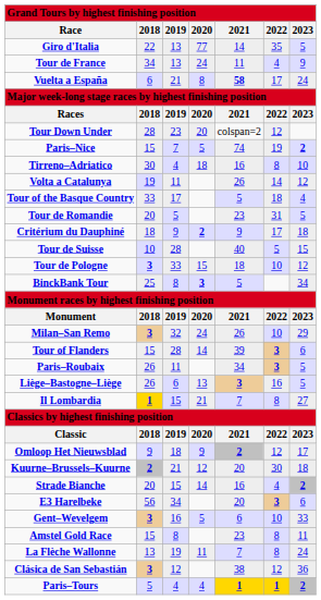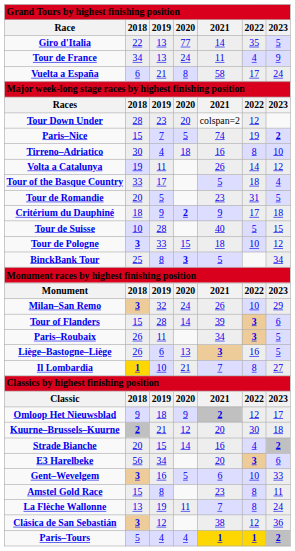 <table class="wikitable">
 <tr style="background:#eee;">
 <td style="background:#d8001c;" colspan=28><strong>Grand Tours by highest finishing position</strong></td>
 </tr>
 <tr>
 <th>Race</th>
 <th>2018</th>
 <th>2019</th>
 <th>2020</th>
 <th>2021</th>
 <th>2022</th>
 <th>2023</th>
 </tr>
 <tr align="center">
 <td><strong><a href='#'>Giro d'Italia</a></strong></td>
 <td style="background:#eee;"><a href='#'>22</a></td>
 <td style="background:#eee;"><a href='#'>13</a></td>
 <td style="background:#eee;"><a href='#'>77</a></td>
 <td style="background:#eee;"><a href='#'>14</a></td>
 <td style="background:#eee;"><a href='#'>35</a></td>
 <td style="background:#ddf;"><a href='#'>5</a></td>
 </tr>
 <tr align="center">
 <td><strong><a href='#'>Tour de France</a></strong></td>
 <td style="background:#eee;"><a href='#'>34</a></td>
 <td style="background:#eee;"><a href='#'>13</a></td>
 <td style="background:#eee;"><a href='#'>24</a></td>
 <td style="background:#eee;"><a href='#'>11</a></td>
 <td style="background:#ddf;"><a href='#'>4</a></td>
 <td style="background:#ddf;"><a href='#'>9</a></td>
 </tr>
 <tr align="center">
 <td><strong><a href='#'>Vuelta a España</a></strong></td>
 <td style="background:#ddf;"><a href='#'>6</a></td>
 <td style="background:#eee;"><a href='#'>21</a></td>
 <td style="background:#ddf;"><a href='#'>8</a></td>
-<td style="background:#eee;"><strong><a href='#'>58</a></strong></td>
+<td style="background:#eee;"><a href='#'>58</a></td>
 <td style="background:#eee;"><a href='#'>17</a></td>
 <td style="background:#eee;"><a href='#'>24</a></td>
 </tr>
 <tr>
 <td style="background:#d8001c;" colspan=28><strong>Major week-long stage races by highest finishing position</strong></td>
 </tr>
 <tr>
 <th>Races</th>
 <th>2018</th>
 <th>2019</th>
 <th>2020</th>
 <th>2021</th>
 <th>2022</th>
 <th>2023</th>
 </tr>
 <tr align="center">
 <td><strong><a href='#'>Tour Down Under</a></strong></td>
 <td style="background:#eee;"><a href='#'>28</a></td>
 <td style="background:#eee;"><a href='#'>23</a></td>
 <td style="background:#eee;"><a href='#'>20</a></td>
 <td>colspan=2 </td>
 <td style="background:#eee;"><a href='#'>12</a></td>
 </tr>
 <tr align="center">
 <td><strong><a href='#'>Paris–Nice</a></strong></td>
 <td style="background:#eee;"><a href='#'>15</a></td>
 <td style="background:#ddf;"><a href='#'>7</a></td>
 <td style="background:#ddf;"><a href='#'>5</a></td>
 <td style="background:#eee;"><a href='#'>74</a></td>
 <td style="background:#eee;"><a href='#'>19</a></td>
 <td style="background:#ddf;"><a href='#'><strong>2</strong></a></td>
 </tr>
 <tr align="center">
 <td><strong><a href='#'>Tirreno–Adriatico</a></strong></td>
 <td style="background:#eee;"><a href='#'>30</a></td>
 <td style="background:#ddf;"><a href='#'>4</a></td>
 <td style="background:#eee;"><a href='#'>18</a></td>
 <td style="background:#eee;"><a href='#'>16</a></td>
 <td style="background:#ddf;"><a href='#'>8</a></td>
 <td style="background:#ddf;"><a href='#'>10</a></td>
 </tr>
 <tr align="center">
 <td><strong><a href='#'>Volta a Catalunya</a></strong></td>
 <td style="background:#ddf;"><a href='#'>19</a></td>
 <td style="background:#eee;"><a href='#'>11</a></td>
 <td></td>
 <td style="background:#eee;"><a href='#'>26</a></td>
 <td style="background:#eee;"><a href='#'>14</a></td>
 <td style="background:#eee;"><a href='#'>12</a></td>
 </tr>
 <tr align="center">
 <td style="text-align:center;"><strong><a href='#'>Tour of the Basque Country</a></strong></td>
 <td style="background:#eee;"><a href='#'>33</a></td>
 <td style="background:#eee;"><a href='#'>17</a></td>
 <td></td>
 <td style="background:#ddf;"><a href='#'>5</a></td>
 <td style="background:#eee;"><a href='#'>18</a></td>
 <td style="background:#ddf;"><a href='#'>4</a></td>
 </tr>
 <tr align="center">
 <td><strong><a href='#'>Tour de Romandie</a></strong></td>
 <td style="background:#eee;"><a href='#'>20</a></td>
 <td style="background:#ddf;"><a href='#'>5</a></td>
 <td></td>
 <td style="background:#eee;"><a href='#'>23</a></td>
 <td style="background:#eee;"><a href='#'>31</a></td>
 <td style="background:#ddf;"><a href='#'>5</a></td>
 </tr>
 <tr align="center">
 <td><strong><a href='#'>Critérium du Dauphiné</a></strong></td>
 <td style="background:#eee;"><a href='#'>18</a></td>
 <td style="background:#ddf;"><a href='#'>9</a></td>
 <td style="background:#ddf;"><a href='#'><strong>2</strong></a></td>
 <td style="background:#ddf;"><a href='#'>9</a></td>
 <td style="background:#eee;"><a href='#'>17</a></td>
 <td style="background:#eee;"><a href='#'>18</a></td>
 </tr>
 <tr align="center">
 <td><strong><a href='#'>Tour de Suisse</a></strong></td>
 <td style="background:#ddf;"><a href='#'>10</a></td>
 <td style="background:#eee;"><a href='#'>28</a></td>
 <td></td>
 <td style="background:#eee;"><a href='#'>40</a></td>
 <td style="background:#ddf;"><a href='#'>5</a></td>
 <td style="background:#eee;"><a href='#'>15</a></td>
 </tr>
 <tr align="center">
 <td><strong><a href='#'>Tour de Pologne</a></strong></td>
 <td style="background:#ddf;"><a href='#'><strong>3</strong></a></td>
 <td style="background:#eee;"><a href='#'>33</a></td>
 <td style="background:#eee;"><a href='#'>15</a></td>
 <td style="background:#eee;"><a href='#'>18</a></td>
 <td style="background:#ddf;"><a href='#'>10</a></td>
 <td style="background:#eee;"><a href='#'>12</a></td>
 </tr>
 <tr align="center">
 <td><strong><a href='#'>BinckBank Tour</a></strong></td>
 <td style="background:#eee;"><a href='#'>25</a></td>
 <td style="background:#ddf;"><a href='#'>8</a></td>
 <td style="background:#ddf;"><a href='#'><strong>3</strong></a></td>
 <td style="background:#ddf;"><a href='#'>5</a></td>
 <td></td>
 <td style="background:#eee;"><a href='#'>34</a></td>
 </tr>
 <tr>
 <td style="background:#d8001c;" colspan=28><strong>Monument races by highest finishing position</strong></td>
 </tr>
 <tr>
 <th>Monument</th>
 <th>2018</th>
 <th>2019</th>
 <th>2020</th>
 <th>2021</th>
 <th>2022</th>
 <th>2023</th>
 </tr>
 <tr align="center">
 <td><strong><a href='#'>Milan–San Remo</a></strong></td>
 <td style="background:#ec9;"><a href='#'><strong>3</strong></a></td>
 <td style="background:#eee;"><a href='#'>32</a></td>
 <td style="background:#eee;"><a href='#'>24</a></td>
 <td style="background:#eee;"><a href='#'>26</a></td>
 <td style="background:#ddf;"><a href='#'>10</a></td>
 <td style="background:#eee;"><a href='#'>29</a></td>
 </tr>
 <tr align="center">
 <td><strong><a href='#'>Tour of Flanders</a></strong></td>
 <td style="background:#eee;"><a href='#'>15</a></td>
 <td style="background:#eee;"><a href='#'>28</a></td>
 <td style="background:#eee;"><a href='#'>14</a></td>
 <td style="background:#eee;"><a href='#'>39</a></td>
 <td style="background:#ec9;"><a href='#'><strong>3</strong></a></td>
 <td style="background:#ddf;"><a href='#'>6</a></td>
 </tr>
 <tr align="center">
 <td><strong><a href='#'>Paris–Roubaix</a></strong></td>
 <td style="background:#eee;"><a href='#'>26</a></td>
 <td style="background:#eee;"><a href='#'>11</a></td>
 <td></td>
 <td style="background:#eee;"><a href='#'>34</a></td>
 <td style="background:#ec9;"><a href='#'><strong>3</strong></a></td>
 <td style="background:#ddf;"><a href='#'>5</a></td>
 </tr>
 <tr align="center">
 <td><strong><a href='#'>Liège–Bastogne–Liège</a></strong></td>
 <td style="background:#eee;"><a href='#'>26</a></td>
 <td style="background:#ddf;"><a href='#'>6</a></td>
 <td style="background:#eee;"><a href='#'>13</a></td>
 <td style="background:#ec9;"><a href='#'><strong>3</strong></a></td>
 <td style="background:#eee;"><a href='#'>16</a></td>
 <td style="background:#ddf;"><a href='#'>5</a></td>
 </tr>
 <tr align="center">
 <td><strong><a href='#'>Il Lombardia</a></strong></td>
 <td style="background:gold;"><a href='#'><strong>1</strong></a></td>
-<td style="background:#ddf;"><a href='#'>15</a></td>
+<td style="background:#ddf;"><a href='#'>10</a></td>
 <td style="background:#eee;"><a href='#'>21</a></td>
 <td style="background:#ddf;"><a href='#'>7</a></td>
 <td style="background:#ddf;"><a href='#'>8</a></td>
 <td style="background:#eee;"><a href='#'>27</a></td>
 </tr>
 <tr>
 <td style="background:#d8001c;" colspan=28><strong>Classics by highest finishing position</strong></td>
 </tr>
 <tr>
 <th>Classic</th>
 <th>2018</th>
 <th>2019</th>
 <th>2020</th>
 <th>2021</th>
 <th>2022</th>
 <th>2023</th>
 </tr>
 <tr align="center">
 <td><strong><a href='#'>Omloop Het Nieuwsblad</a></strong></td>
 <td style="background:#ddf;"><a href='#'>9</a></td>
 <td style="background:#eee;"><a href='#'>18</a></td>
 <td style="background:#ddf;"><a href='#'>9</a></td>
 <td style="background:silver;"><a href='#'><strong>2</strong></a></td>
 <td style="background:#eee;"><a href='#'>12</a></td>
 <td style="background:#eee;"><a href='#'>17</a></td>
 </tr>
 <tr align="center">
 <td><strong><a href='#'>Kuurne–Brussels–Kuurne</a></strong></td>
 <td style="background:silver;"><a href='#'><strong>2</strong></a></td>
 <td style="background:#eee;"><a href='#'>21</a></td>
 <td style="background:#eee;"><a href='#'>12</a></td>
 <td style="background:#eee;"><a href='#'>20</a></td>
 <td style="background:#eee;"><a href='#'>30</a></td>
 <td style="background:#eee;"><a href='#'>18</a></td>
 </tr>
 <tr align="center">
 <td><strong><a href='#'>Strade Bianche</a></strong></td>
 <td style="background:#eee;"><a href='#'>20</a></td>
 <td style="background:#eee;"><a href='#'>15</a></td>
 <td style="background:#eee;"><a href='#'>14</a></td>
 <td style="background:#eee;"><a href='#'>16</a></td>
 <td style="background:#ddf;"><a href='#'>4</a></td>
 <td style="background:silver;"><a href='#'><strong>2</strong></a></td>
 </tr>
 <tr align="center">
 <td><strong><a href='#'>E3 Harelbeke</a></strong></td>
 <td style="background:#eee;"><a href='#'>56</a></td>
 <td style="background:#eee;"><a href='#'>34</a></td>
 <td></td>
 <td style="background:#eee;"><a href='#'>20</a></td>
 <td style="background:#ec9;"><a href='#'><strong>3</strong></a></td>
 <td style="background:#ddf;"><a href='#'>6</a></td>
 </tr>
 <tr align="center">
 <td><strong><a href='#'>Gent–Wevelgem</a></strong></td>
 <td style="background:#ec9;"><a href='#'><strong>3</strong></a></td>
 <td style="background:#eee;"><a href='#'>16</a></td>
 <td style="background:#ddf;"><a href='#'>5</a></td>
 <td style="background:#ddf;"><a href='#'>6</a></td>
 <td style="background:#ddf;"><a href='#'>10</a></td>
 <td style="background:#eee;"><a href='#'>33</a></td>
 </tr>
 <tr align="center">
 <td><strong><a href='#'>Amstel Gold Race</a></strong></td>
 <td style="background:#eee;"><a href='#'>15</a></td>
 <td style="background:#ddf;"><a href='#'>8</a></td>
 <td></td>
 <td style="background:#eee;"><a href='#'>23</a></td>
 <td style="background:#ddf;"><a href='#'>8</a></td>
 <td style="background:#eee;"><a href='#'>11</a></td>
 </tr>
 <tr align="center">
 <td><strong><a href='#'>La Flèche Wallonne</a></strong></td>
 <td style="background:#eee;"><a href='#'>13</a></td>
 <td style="background:#eee;"><a href='#'>19</a></td>
 <td style="background:#eee;"><a href='#'>11</a></td>
 <td style="background:#ddf;"><a href='#'>7</a></td>
 <td style="background:#ddf;"><a href='#'>8</a></td>
 <td style="background:#eee;"><a href='#'>24</a></td>
 </tr>
 <tr align="center">
 <td><strong><a href='#'>Clásica de San Sebastián</a></strong></td>
 <td style="background:#ec9;"><a href='#'><strong>3</strong></a></td>
 <td style="background:#eee;"><a href='#'>12</a></td>
 <td></td>
 <td style="background:#eee;"><a href='#'>38</a></td>
 <td style="background:#eee;"><a href='#'>12</a></td>
 <td style="background:#eee;"><a href='#'>36</a></td>
 </tr>
 <tr align="center">
 <td><strong><a href='#'>Paris–Tours</a></strong></td>
 <td style="background:#ddf;"><a href='#'>5</a></td>
 <td style="background:#ddf;"><a href='#'>4</a></td>
 <td style="background:#ddf;"><a href='#'>4</a></td>
 <td style="background:gold;"><a href='#'><strong>1</strong></a></td>
 <td style="background:gold;"><a href='#'><strong>1</strong></a></td>
 <td style="background:silver;"><a href='#'><strong>2</strong></a></td>
 </tr>
 </table>
